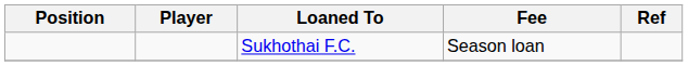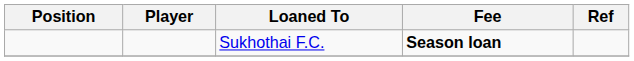 <table class="wikitable sortable" style="width:70%; text-align:center; font-size:100%; text-align:left;">
 <tr>
 <th><strong>Position</strong></th>
 <th><strong>Player</strong></th>
 <th><strong>Loaned To</strong></th>
 <th><strong>Fee</strong></th>
 <th><strong>Ref</strong></th>
 </tr>
 <tr>
 <td></td>
 <td></td>
 <td> <a href='#'>Sukhothai F.C.</a></td>
-<td>Season loan</td>
+<td><strong>Season loan</strong></td>
 <td></td>
 </tr>
 <tr>
 </tr>
 </table>
